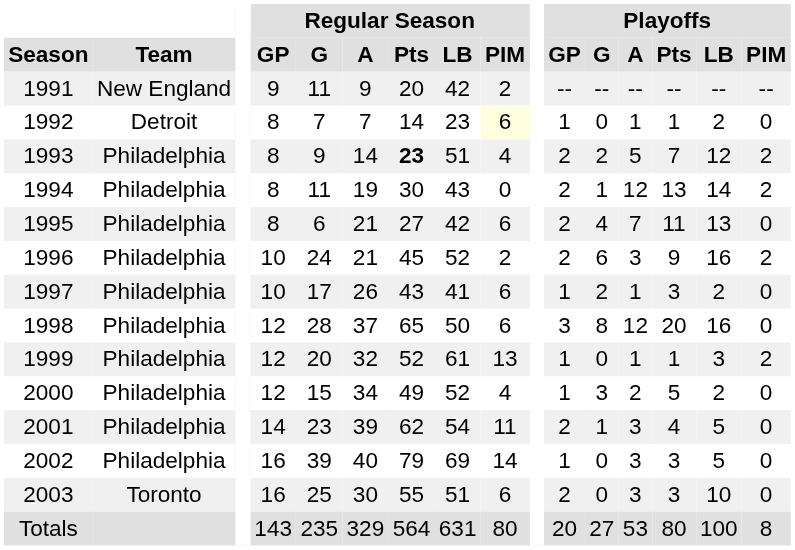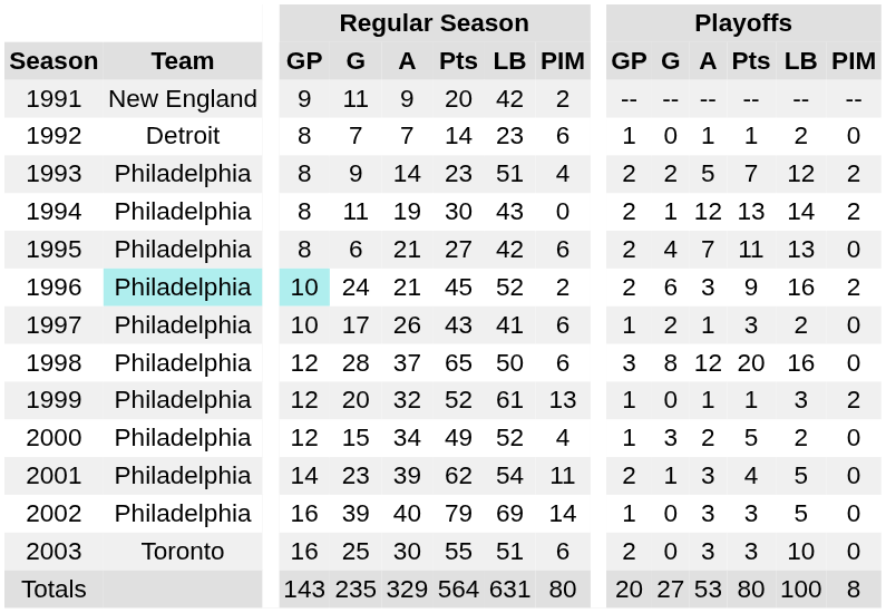 <table BORDER="0" CELLPADDING="3" CELLSPACING="0">
 <tr ALIGN="center" bgcolor="#e0e0e0">
 <th ALIGN="center" colspan="2" bgcolor="#ffffff"> </th>
 <th ALIGN="center" rowspan="99" bgcolor="#ffffff"> </th>
 <th ALIGN="center" colspan="6">Regular Season</th>
 <th ALIGN="center" rowspan="99" bgcolor="#ffffff"> </th>
 <th ALIGN="center" colspan="6">Playoffs</th>
 </tr>
 <tr ALIGN="center" bgcolor="#e0e0e0">
 <th ALIGN="center">Season</th>
 <th ALIGN="center">Team</th>
 <th ALIGN="center">GP</th>
 <th ALIGN="center">G</th>
 <th ALIGN="center">A</th>
 <th ALIGN="center">Pts</th>
 <th ALIGN="center">LB</th>
 <th ALIGN="center">PIM</th>
 <th ALIGN="center">GP</th>
 <th ALIGN="center">G</th>
 <th ALIGN="center">A</th>
 <th ALIGN="center">Pts</th>
 <th ALIGN="center">LB</th>
 <th ALIGN="center">PIM</th>
 </tr>
 <tr ALIGN="center" bgcolor="#f0f0f0">
 <td ALIGN="center">1991</td>
 <td ALIGN="center">New England</td>
 <td ALIGN="center">9</td>
 <td ALIGN="center">11</td>
 <td ALIGN="center">9</td>
 <td ALIGN="center">20</td>
 <td ALIGN="center">42</td>
 <td ALIGN="center">2</td>
 <td ALIGN="center">--</td>
 <td ALIGN="center">--</td>
 <td ALIGN="center">--</td>
 <td ALIGN="center">--</td>
 <td ALIGN="center">--</td>
 <td ALIGN="center">--</td>
 </tr>
 <tr ALIGN="center">
 <td ALIGN="center">1992</td>
 <td ALIGN="center">Detroit</td>
 <td ALIGN="center">8</td>
 <td ALIGN="center">7</td>
 <td ALIGN="center">7</td>
 <td ALIGN="center">14</td>
 <td ALIGN="center">23</td>
-<td ALIGN="center" style="background: lightyellow;">6</td>
+<td ALIGN="center">6</td>
 <td ALIGN="center">1</td>
 <td ALIGN="center">0</td>
 <td ALIGN="center">1</td>
 <td ALIGN="center">1</td>
 <td ALIGN="center">2</td>
 <td ALIGN="center">0</td>
 </tr>
 <tr ALIGN="center" bgcolor="#f0f0f0">
 <td ALIGN="center">1993</td>
 <td ALIGN="center">Philadelphia</td>
 <td ALIGN="center">8</td>
 <td ALIGN="center">9</td>
 <td ALIGN="center">14</td>
-<td ALIGN="center"><strong>23</strong></td>
+<td ALIGN="center">23</td>
 <td ALIGN="center">51</td>
 <td ALIGN="center">4</td>
 <td ALIGN="center">2</td>
 <td ALIGN="center">2</td>
 <td ALIGN="center">5</td>
 <td ALIGN="center">7</td>
 <td ALIGN="center">12</td>
 <td ALIGN="center">2</td>
 </tr>
 <tr ALIGN="center">
 <td ALIGN="center">1994</td>
 <td ALIGN="center">Philadelphia</td>
 <td ALIGN="center">8</td>
 <td ALIGN="center">11</td>
 <td ALIGN="center">19</td>
 <td ALIGN="center">30</td>
 <td ALIGN="center">43</td>
 <td ALIGN="center">0</td>
 <td ALIGN="center">2</td>
 <td ALIGN="center">1</td>
 <td ALIGN="center">12</td>
 <td ALIGN="center">13</td>
 <td ALIGN="center">14</td>
 <td ALIGN="center">2</td>
 </tr>
 <tr ALIGN="center" bgcolor="#f0f0f0">
 <td ALIGN="center">1995</td>
 <td ALIGN="center">Philadelphia</td>
 <td ALIGN="center">8</td>
 <td ALIGN="center">6</td>
 <td ALIGN="center">21</td>
 <td ALIGN="center">27</td>
 <td ALIGN="center">42</td>
 <td ALIGN="center">6</td>
 <td ALIGN="center">2</td>
 <td ALIGN="center">4</td>
 <td ALIGN="center">7</td>
 <td ALIGN="center">11</td>
 <td ALIGN="center">13</td>
 <td ALIGN="center">0</td>
 </tr>
 <tr ALIGN="center">
 <td ALIGN="center">1996</td>
-<td ALIGN="center">Philadelphia</td>
-<td ALIGN="center">10</td>
+<td ALIGN="center" style="background: paleturquoise;">Philadelphia</td>
+<td ALIGN="center" style="background: paleturquoise;">10</td>
 <td ALIGN="center">24</td>
 <td ALIGN="center">21</td>
 <td ALIGN="center">45</td>
 <td ALIGN="center">52</td>
 <td ALIGN="center">2</td>
 <td ALIGN="center">2</td>
 <td ALIGN="center">6</td>
 <td ALIGN="center">3</td>
 <td ALIGN="center">9</td>
 <td ALIGN="center">16</td>
 <td ALIGN="center">2</td>
 </tr>
 <tr ALIGN="center" bgcolor="#f0f0f0">
 <td ALIGN="center">1997</td>
 <td ALIGN="center">Philadelphia</td>
 <td ALIGN="center">10</td>
 <td ALIGN="center">17</td>
 <td ALIGN="center">26</td>
 <td ALIGN="center">43</td>
 <td ALIGN="center">41</td>
 <td ALIGN="center">6</td>
 <td ALIGN="center">1</td>
 <td ALIGN="center">2</td>
 <td ALIGN="center">1</td>
 <td ALIGN="center">3</td>
 <td ALIGN="center">2</td>
 <td ALIGN="center">0</td>
 </tr>
 <tr ALIGN="center">
 <td ALIGN="center">1998</td>
 <td ALIGN="center">Philadelphia</td>
 <td ALIGN="center">12</td>
 <td ALIGN="center">28</td>
 <td ALIGN="center">37</td>
 <td ALIGN="center">65</td>
 <td ALIGN="center">50</td>
 <td ALIGN="center">6</td>
 <td ALIGN="center">3</td>
 <td ALIGN="center">8</td>
 <td ALIGN="center">12</td>
 <td ALIGN="center">20</td>
 <td ALIGN="center">16</td>
 <td ALIGN="center">0</td>
 </tr>
 <tr ALIGN="center" bgcolor="#f0f0f0">
 <td ALIGN="center">1999</td>
 <td ALIGN="center">Philadelphia</td>
 <td ALIGN="center">12</td>
 <td ALIGN="center">20</td>
 <td ALIGN="center">32</td>
 <td ALIGN="center">52</td>
 <td ALIGN="center">61</td>
 <td ALIGN="center">13</td>
 <td ALIGN="center">1</td>
 <td ALIGN="center">0</td>
 <td ALIGN="center">1</td>
 <td ALIGN="center">1</td>
 <td ALIGN="center">3</td>
 <td ALIGN="center">2</td>
 </tr>
 <tr ALIGN="center">
 <td ALIGN="center">2000</td>
 <td ALIGN="center">Philadelphia</td>
 <td ALIGN="center">12</td>
 <td ALIGN="center">15</td>
 <td ALIGN="center">34</td>
 <td ALIGN="center">49</td>
 <td ALIGN="center">52</td>
 <td ALIGN="center">4</td>
 <td ALIGN="center">1</td>
 <td ALIGN="center">3</td>
 <td ALIGN="center">2</td>
 <td ALIGN="center">5</td>
 <td ALIGN="center">2</td>
 <td ALIGN="center">0</td>
 </tr>
 <tr ALIGN="center" bgcolor="#f0f0f0">
 <td ALIGN="center">2001</td>
 <td ALIGN="center">Philadelphia</td>
 <td ALIGN="center">14</td>
 <td ALIGN="center">23</td>
 <td ALIGN="center">39</td>
 <td ALIGN="center">62</td>
 <td ALIGN="center">54</td>
 <td ALIGN="center">11</td>
 <td ALIGN="center">2</td>
 <td ALIGN="center">1</td>
 <td ALIGN="center">3</td>
 <td ALIGN="center">4</td>
 <td ALIGN="center">5</td>
 <td ALIGN="center">0</td>
 </tr>
 <tr ALIGN="center">
 <td ALIGN="center">2002</td>
 <td ALIGN="center">Philadelphia</td>
 <td ALIGN="center">16</td>
 <td ALIGN="center">39</td>
 <td ALIGN="center">40</td>
 <td ALIGN="center">79</td>
 <td ALIGN="center">69</td>
 <td ALIGN="center">14</td>
 <td ALIGN="center">1</td>
 <td ALIGN="center">0</td>
 <td ALIGN="center">3</td>
 <td ALIGN="center">3</td>
 <td ALIGN="center">5</td>
 <td ALIGN="center">0</td>
 </tr>
 <tr ALIGN="center" bgcolor="#f0f0f0">
 <td ALIGN="center">2003</td>
 <td ALIGN="center">Toronto</td>
 <td ALIGN="center">16</td>
 <td ALIGN="center">25</td>
 <td ALIGN="center">30</td>
 <td ALIGN="center">55</td>
 <td ALIGN="center">51</td>
 <td ALIGN="center">6</td>
 <td ALIGN="center">2</td>
 <td ALIGN="center">0</td>
 <td ALIGN="center">3</td>
 <td ALIGN="center">3</td>
 <td ALIGN="center">10</td>
 <td ALIGN="center">0</td>
 </tr>
 <tr ALIGN="center" bgcolor="#e0e0e0">
 <td ALIGN="center">Totals</td>
 <td ALIGN="center"> </td>
 <td ALIGN="center">143</td>
 <td ALIGN="center">235</td>
 <td ALIGN="center">329</td>
 <td ALIGN="center">564</td>
 <td ALIGN="center">631</td>
 <td ALIGN="center">80</td>
 <td ALIGN="center">20</td>
 <td ALIGN="center">27</td>
 <td ALIGN="center">53</td>
 <td ALIGN="center">80</td>
 <td ALIGN="center">100</td>
 <td ALIGN="center">8</td>
 </tr>
 </table>
